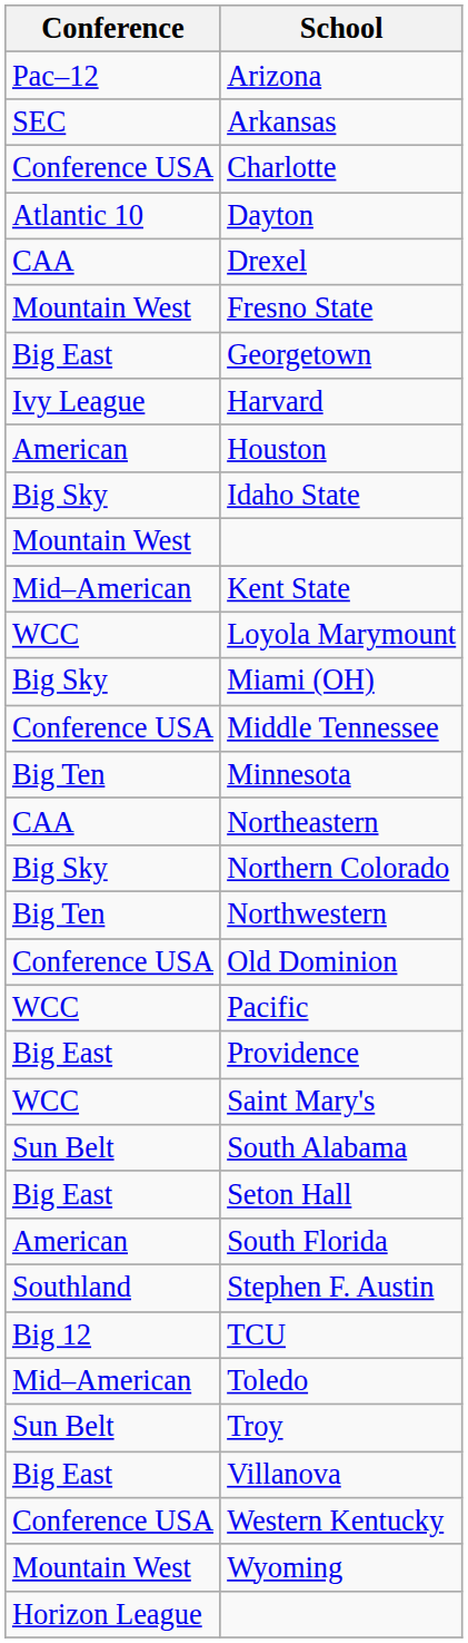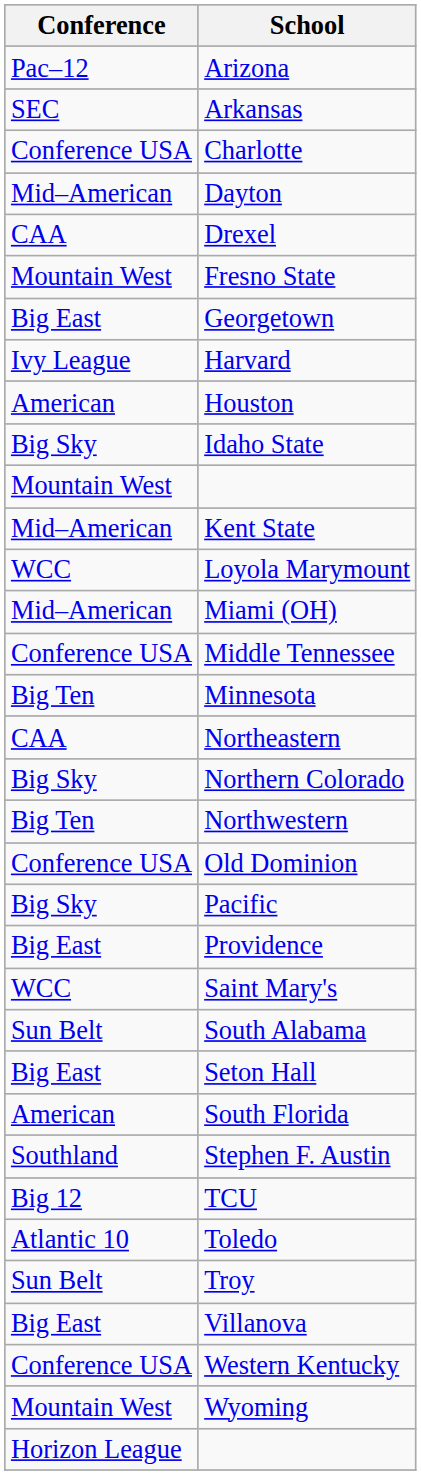 <table class="wikitable sortable">
 <tr>
 <th>Conference</th>
 <th>School</th>
 </tr>
 <tr>
 <td><a href='#'>Pac–12</a></td>
 <td><a href='#'>Arizona</a></td>
 </tr>
 <tr>
 <td><a href='#'>SEC</a></td>
 <td><a href='#'>Arkansas</a></td>
 </tr>
 <tr>
 <td><a href='#'>Conference USA</a></td>
 <td><a href='#'>Charlotte</a></td>
 </tr>
 <tr>
-<td><a href='#'>Atlantic 10</a></td>
+<td><a href='#'>Mid–American</a></td>
 <td><a href='#'>Dayton</a></td>
 </tr>
 <tr>
 <td><a href='#'>CAA</a></td>
 <td><a href='#'>Drexel</a></td>
 </tr>
 <tr>
 <td><a href='#'>Mountain West</a></td>
 <td><a href='#'>Fresno State</a></td>
 </tr>
 <tr>
 <td><a href='#'>Big East</a></td>
 <td><a href='#'>Georgetown</a></td>
 </tr>
 <tr>
 <td><a href='#'>Ivy League</a></td>
 <td><a href='#'>Harvard</a></td>
 </tr>
 <tr>
 <td><a href='#'>American</a></td>
 <td><a href='#'>Houston</a></td>
 </tr>
 <tr>
 <td><a href='#'>Big Sky</a></td>
 <td><a href='#'>Idaho State</a></td>
 </tr>
 <tr>
 <td><a href='#'>Mountain West</a></td>
 <td></td>
 </tr>
 <tr>
 <td><a href='#'>Mid–American</a></td>
 <td><a href='#'>Kent State</a></td>
 </tr>
 <tr>
 <td><a href='#'>WCC</a></td>
 <td><a href='#'>Loyola Marymount</a></td>
 </tr>
 <tr>
-<td><a href='#'>Big Sky</a></td>
+<td><a href='#'>Mid–American</a></td>
 <td><a href='#'>Miami (OH)</a></td>
 </tr>
 <tr>
 <td><a href='#'>Conference USA</a></td>
 <td><a href='#'>Middle Tennessee</a></td>
 </tr>
 <tr>
 <td><a href='#'>Big Ten</a></td>
 <td><a href='#'>Minnesota</a></td>
 </tr>
 <tr>
 <td><a href='#'>CAA</a></td>
 <td><a href='#'>Northeastern</a></td>
 </tr>
 <tr>
 <td><a href='#'>Big Sky</a></td>
 <td><a href='#'>Northern Colorado</a></td>
 </tr>
 <tr>
 <td><a href='#'>Big Ten</a></td>
 <td><a href='#'>Northwestern</a></td>
 </tr>
 <tr>
 <td><a href='#'>Conference USA</a></td>
 <td><a href='#'>Old Dominion</a></td>
 </tr>
 <tr>
-<td><a href='#'>WCC</a></td>
+<td><a href='#'>Big Sky</a></td>
 <td><a href='#'>Pacific</a></td>
 </tr>
 <tr>
 <td><a href='#'>Big East</a></td>
 <td><a href='#'>Providence</a></td>
 </tr>
 <tr>
 <td><a href='#'>WCC</a></td>
 <td><a href='#'>Saint Mary's</a></td>
 </tr>
 <tr>
 <td><a href='#'>Sun Belt</a></td>
 <td><a href='#'>South Alabama</a></td>
 </tr>
 <tr>
 <td><a href='#'>Big East</a></td>
 <td><a href='#'>Seton Hall</a></td>
 </tr>
 <tr>
 <td><a href='#'>American</a></td>
 <td><a href='#'>South Florida</a></td>
 </tr>
 <tr>
 <td><a href='#'>Southland</a></td>
 <td><a href='#'>Stephen F. Austin</a></td>
 </tr>
 <tr>
 <td><a href='#'>Big 12</a></td>
 <td><a href='#'>TCU</a></td>
 </tr>
 <tr>
-<td><a href='#'>Mid–American</a></td>
+<td><a href='#'>Atlantic 10</a></td>
 <td><a href='#'>Toledo</a></td>
 </tr>
 <tr>
 <td><a href='#'>Sun Belt</a></td>
 <td><a href='#'>Troy</a></td>
 </tr>
 <tr>
 <td><a href='#'>Big East</a></td>
 <td><a href='#'>Villanova</a></td>
 </tr>
 <tr>
 <td><a href='#'>Conference USA</a></td>
 <td><a href='#'>Western Kentucky</a></td>
 </tr>
 <tr>
 <td><a href='#'>Mountain West</a></td>
 <td><a href='#'>Wyoming</a></td>
 </tr>
 <tr>
 <td><a href='#'>Horizon League</a></td>
 <td></td>
 </tr>
 </table>
